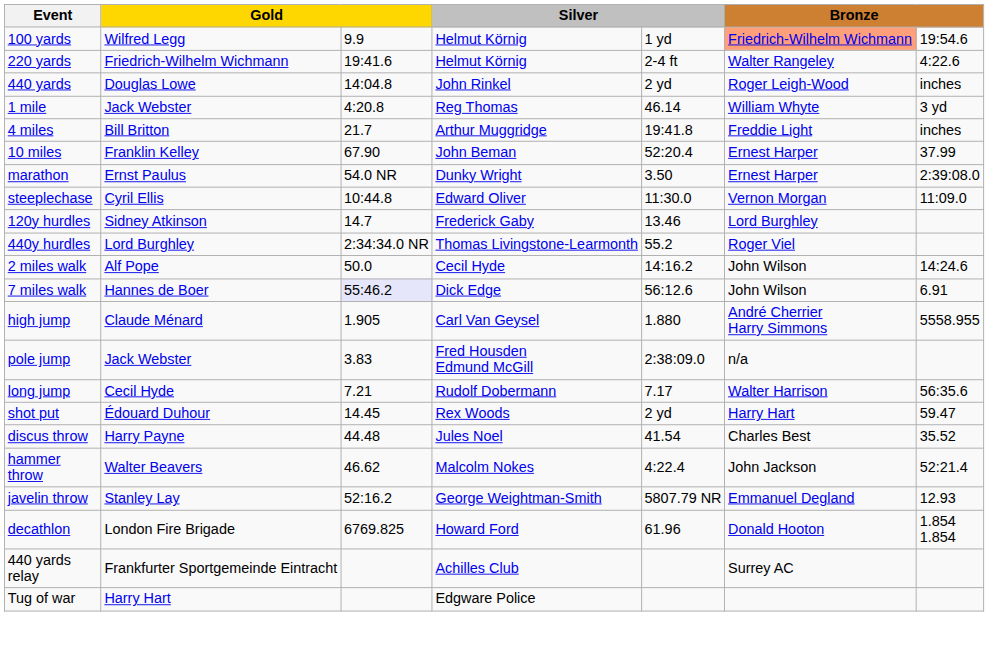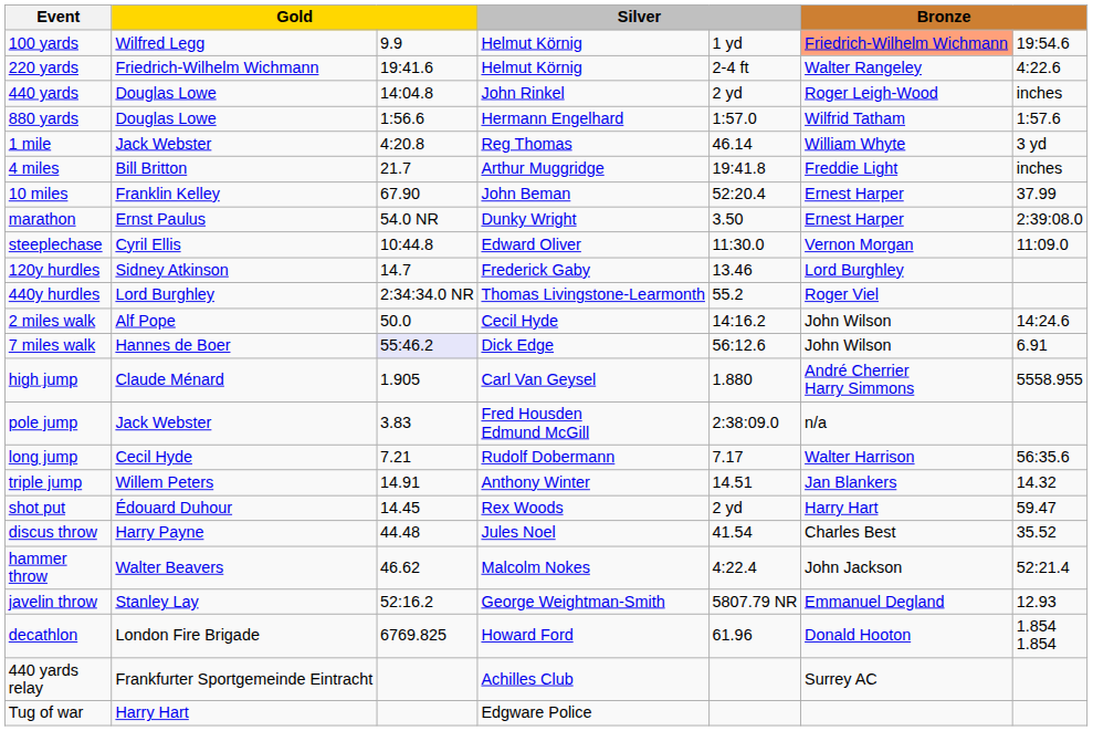 <table class="wikitable" style="text-align:left">
 <tr>
 <th width=100>Event</th>
 <th colspan="2" width="280" style="background:gold;">Gold</th>
 <th colspan="2" width="280" style="background:silver;">Silver</th>
 <th colspan="2" width="280" style="background:#CD7F32;">Bronze</th>
 </tr>
 <tr>
 <td><a href='#'>100 yards</a></td>
 <td> <a href='#'>Wilfred Legg</a></td>
 <td>9.9</td>
 <td> <a href='#'>Helmut Körnig</a></td>
 <td>1 yd</td>
 <td style="background: lightsalmon;"> <a href='#'>Friedrich-Wilhelm Wichmann</a></td>
 <td>19:54.6</td>
 </tr>
 <tr>
 <td><a href='#'>220 yards</a></td>
 <td> <a href='#'>Friedrich-Wilhelm Wichmann</a></td>
 <td>19:41.6</td>
 <td> <a href='#'>Helmut Körnig</a></td>
 <td>2-4 ft</td>
 <td><a href='#'>Walter Rangeley</a></td>
 <td>4:22.6</td>
 </tr>
 <tr>
 <td><a href='#'>440 yards</a></td>
 <td><a href='#'>Douglas Lowe</a></td>
 <td>14:04.8</td>
 <td><a href='#'>John Rinkel</a></td>
 <td>2 yd</td>
 <td><a href='#'>Roger Leigh-Wood</a></td>
 <td>inches</td>
+</tr>
+<tr>
+<td><a href='#'>880 yards</a></td>
+<td><a href='#'>Douglas Lowe</a></td>
+<td>1:56.6</td>
+<td> <a href='#'>Hermann Engelhard</a></td>
+<td>1:57.0</td>
+<td><a href='#'>Wilfrid Tatham</a></td>
+<td>1:57.6</td>
 </tr>
 <tr>
 <td><a href='#'>1 mile</a></td>
 <td><a href='#'>Jack Webster</a></td>
 <td>4:20.8</td>
 <td> <a href='#'>Reg Thomas</a></td>
 <td>46.14</td>
 <td> <a href='#'>William Whyte</a></td>
 <td>3 yd</td>
 </tr>
 <tr>
 <td><a href='#'>4 miles</a></td>
 <td> <a href='#'>Bill Britton</a></td>
 <td>21.7</td>
 <td><a href='#'>Arthur Muggridge</a></td>
 <td>19:41.8</td>
 <td><a href='#'>Freddie Light</a></td>
 <td>inches</td>
 </tr>
 <tr>
 <td><a href='#'>10 miles</a></td>
 <td> <a href='#'>Franklin Kelley</a></td>
 <td>67.90</td>
 <td><a href='#'>John Beman</a></td>
 <td>52:20.4</td>
 <td><a href='#'>Ernest Harper</a></td>
 <td>37.99</td>
 </tr>
 <tr>
 <td><a href='#'>marathon</a></td>
 <td> <a href='#'>Ernst Paulus</a></td>
 <td>54.0 NR</td>
 <td> <a href='#'>Dunky Wright</a></td>
 <td>3.50</td>
 <td><a href='#'>Ernest Harper</a></td>
 <td>2:39:08.0</td>
 </tr>
 <tr>
 <td><a href='#'>steeplechase</a></td>
 <td><a href='#'>Cyril Ellis</a></td>
 <td>10:44.8</td>
 <td><a href='#'>Edward Oliver</a></td>
 <td>11:30.0</td>
 <td><a href='#'>Vernon Morgan</a></td>
 <td>11:09.0</td>
 </tr>
 <tr>
 <td><a href='#'>120y hurdles</a></td>
 <td> <a href='#'>Sidney Atkinson</a></td>
 <td>14.7</td>
 <td><a href='#'>Frederick Gaby</a></td>
 <td>13.46</td>
 <td><a href='#'>Lord Burghley</a></td>
 <td></td>
 </tr>
 <tr>
 <td><a href='#'>440y hurdles</a></td>
 <td><a href='#'>Lord Burghley</a></td>
 <td>2:34:34.0 NR</td>
 <td> <a href='#'>Thomas Livingstone-Learmonth</a></td>
 <td>55.2</td>
 <td> <a href='#'>Roger Viel</a></td>
 <td></td>
 </tr>
 <tr>
 <td><a href='#'>2 miles walk</a></td>
 <td><a href='#'>Alf Pope</a></td>
 <td>50.0</td>
 <td><a href='#'>Cecil Hyde</a></td>
 <td>14:16.2</td>
 <td>John Wilson</td>
 <td>14:24.6</td>
 </tr>
 <tr>
 <td><a href='#'>7 miles walk</a></td>
 <td> <a href='#'>Hannes de Boer</a></td>
 <td style="background: lavender;">55:46.2</td>
 <td><a href='#'>Dick Edge</a></td>
 <td>56:12.6</td>
 <td>John Wilson</td>
 <td>6.91</td>
 </tr>
 <tr>
 <td><a href='#'>high jump</a></td>
 <td> <a href='#'>Claude Ménard</a></td>
 <td>1.905</td>
 <td> <a href='#'>Carl Van Geysel</a></td>
 <td>1.880</td>
 <td> <a href='#'>André Cherrier</a>  <br><a href='#'>Harry Simmons</a></td>
 <td>5558.955</td>
 </tr>
 <tr>
 <td><a href='#'>pole jump</a></td>
 <td><a href='#'>Jack Webster</a></td>
 <td>3.83</td>
 <td><a href='#'>Fred Housden</a> <br> <a href='#'>Edmund McGill</a></td>
 <td>2:38:09.0</td>
 <td>n/a</td>
 </tr>
 <tr>
 <td><a href='#'>long jump</a></td>
 <td><a href='#'>Cecil Hyde</a></td>
 <td>7.21</td>
 <td> <a href='#'>Rudolf Dobermann</a></td>
 <td>7.17</td>
 <td> <a href='#'>Walter Harrison</a></td>
 <td>56:35.6</td>
 </tr>
 <tr>
+<td><a href='#'>triple jump</a></td>
+<td> <a href='#'>Willem Peters</a></td>
+<td>14.91</td>
+<td> <a href='#'>Anthony Winter</a></td>
+<td>14.51</td>
+<td> <a href='#'>Jan Blankers</a></td>
+<td>14.32</td>
+</tr>
+<tr>
 <td><a href='#'>shot put</a></td>
 <td> <a href='#'>Édouard Duhour</a></td>
 <td>14.45</td>
 <td><a href='#'>Rex Woods</a></td>
 <td>2 yd</td>
 <td> <a href='#'>Harry Hart</a></td>
 <td>59.47</td>
 </tr>
 <tr>
 <td><a href='#'>discus throw</a></td>
 <td><a href='#'>Harry Payne</a></td>
 <td>44.48</td>
 <td> <a href='#'>Jules Noel</a></td>
 <td>41.54</td>
 <td>Charles Best</td>
 <td>35.52</td>
 </tr>
 <tr>
 <td><a href='#'>hammer throw</a></td>
 <td><a href='#'>Walter Beavers</a></td>
 <td>46.62</td>
 <td><a href='#'>Malcolm Nokes</a></td>
 <td>4:22.4</td>
 <td> John Jackson</td>
 <td>52:21.4</td>
 </tr>
 <tr>
 <td><a href='#'>javelin throw</a></td>
 <td> <a href='#'>Stanley Lay</a></td>
 <td>52:16.2</td>
 <td> <a href='#'>George Weightman-Smith</a></td>
 <td>5807.79 NR</td>
 <td> <a href='#'>Emmanuel Degland</a></td>
 <td>12.93</td>
 </tr>
 <tr>
 <td><a href='#'>decathlon</a></td>
 <td>London Fire Brigade</td>
 <td>6769.825</td>
 <td><a href='#'>Howard Ford</a></td>
 <td>61.96</td>
 <td><a href='#'>Donald Hooton</a></td>
 <td>1.854<br>1.854</td>
 </tr>
 <tr>
 <td>440 yards relay</td>
 <td>Frankfurter Sportgemeinde Eintracht</td>
 <td></td>
 <td><a href='#'>Achilles Club</a></td>
 <td></td>
 <td>Surrey AC</td>
 <td></td>
 </tr>
 <tr>
 <td>Tug of war</td>
 <td> <a href='#'>Harry Hart</a></td>
 <td></td>
 <td>Edgware Police</td>
 <td></td>
 <td></td>
 <td></td>
 </tr>
 </table>
